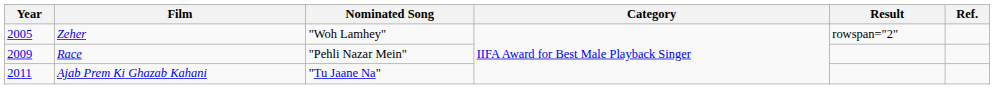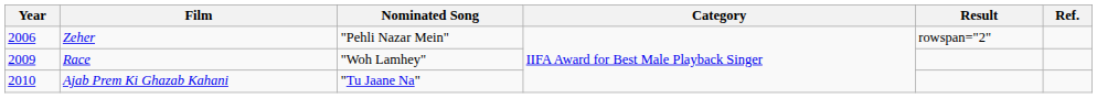 <table class="wikitable plainrowheaders" width="100%" "textcolor:#000;">
 <tr>
 <th>Year</th>
 <th>Film</th>
 <th>Nominated Song</th>
 <th>Category</th>
 <th>Result</th>
 <th>Ref.</th>
 </tr>
 <tr>
-<td><a href='#'>2005</a></td>
+<td><a href='#'>2006</a></td>
 <td><em><a href='#'>Zeher</a></em></td>
-<td>"Woh Lamhey"</td>
+<td>"Pehli Nazar Mein"</td>
 <td rowspan="3"><a href='#'>IIFA Award for Best Male Playback Singer</a></td>
 <td>rowspan="2" </td>
 <td></td>
 </tr>
 <tr>
 <td><a href='#'>2009</a></td>
 <td><em><a href='#'>Race</a></em></td>
-<td>"Pehli Nazar Mein"</td>
+<td>"Woh Lamhey"</td>
 <td></td>
 </tr>
 <tr>
-<td><a href='#'>2011</a></td>
+<td><a href='#'>2010</a></td>
 <td><em><a href='#'>Ajab Prem Ki Ghazab Kahani</a></em></td>
 <td>"<a href='#'>Tu Jaane Na</a>"</td>
 <td></td>
 <td></td>
 </tr>
 </table>
